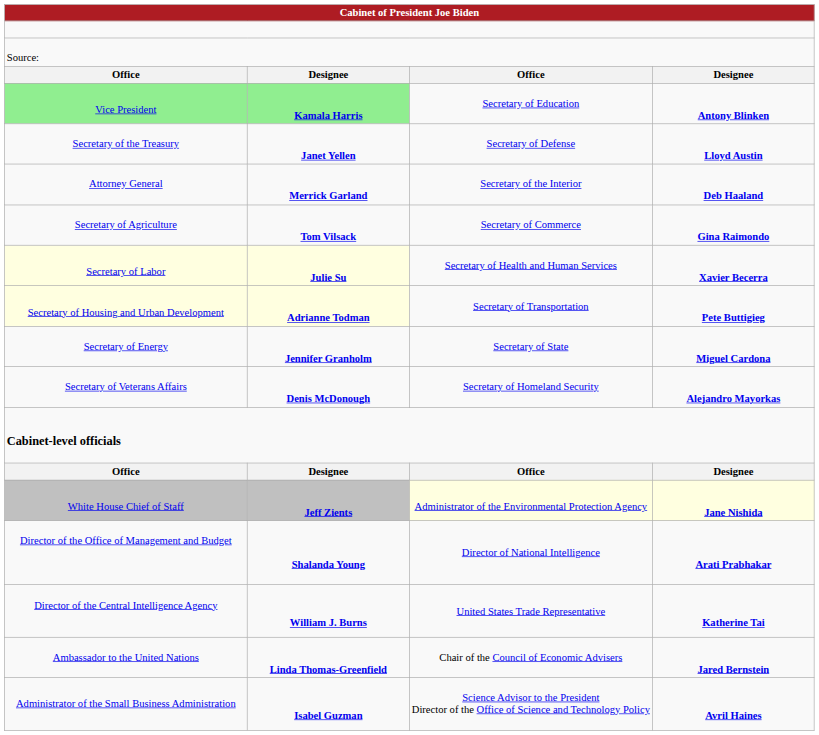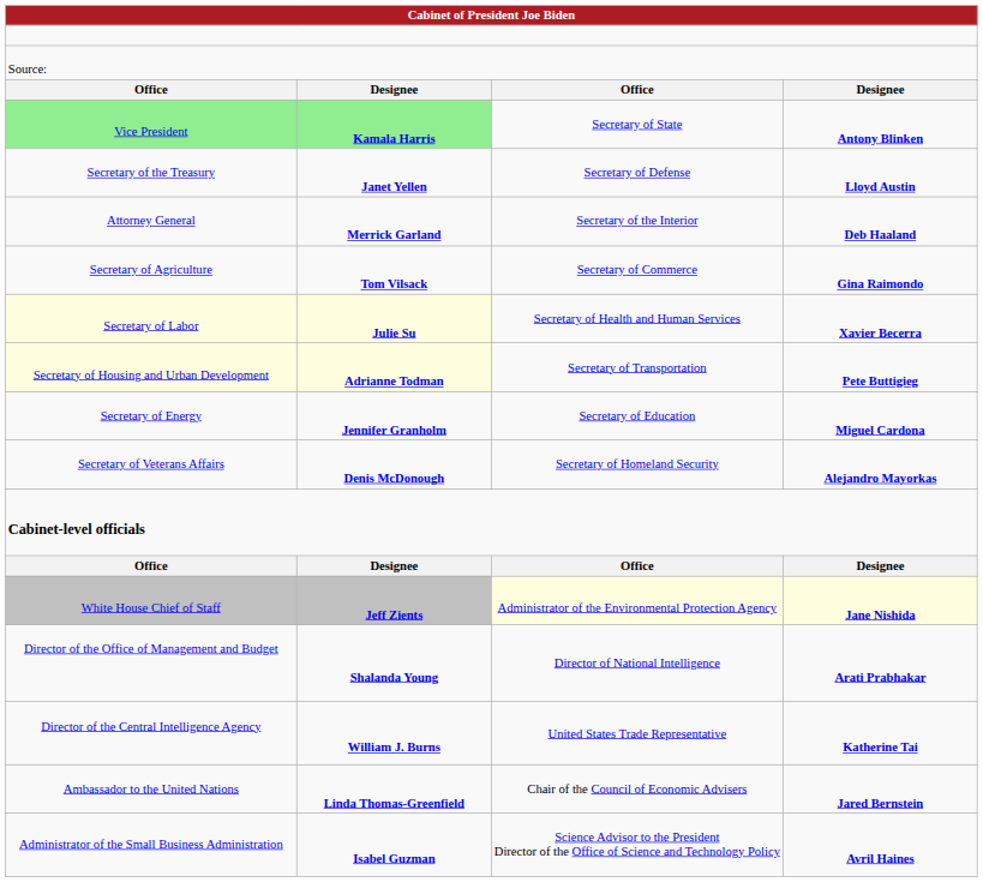 <table class="wikitable" style="text-align:center">
 <tr>
 <th colspan="5" style="text-align:center; font-size:100%; color:white; background:#AE1C23;"><strong>Cabinet of President Joe Biden</strong></th>
 </tr>
 <tr>
 <td colspan="5" style="text-align:left"><br>  </td>
 </tr>
 <tr>
 <td colspan=4 style="text-align:left"><br>Source:</td>
 </tr>
 <tr>
 <th scope="col" style="width: 30%;">Office<br></th>
 <th scope="col" style="width: 20%;">Designee</th>
 <th scope="col" style="width: 30%;">Office<br></th>
 <th scope="col" style="width: 20%;">Designee</th>
 </tr>
 <tr>
 <td style="background: #90EE90;"><br><a href='#'>Vice President</a><br></td>
 <td style="background: #90EE90;"><br><br><strong><a href='#'>Kamala Harris</a></strong><br></td>
-<td><br><a href='#'>Secretary of Education</a><br><br></td>
+<td><br><a href='#'>Secretary of State</a><br><br></td>
 <td><br><br><strong><a href='#'>Antony Blinken</a></strong><br></td>
 </tr>
 <tr>
 <td><br><a href='#'>Secretary of the Treasury</a><br><br></td>
 <td><br><br><strong><a href='#'>Janet Yellen</a></strong><br></td>
 <td><br><a href='#'>Secretary of Defense</a><br><br></td>
 <td><br><br><strong><a href='#'>Lloyd Austin</a></strong><br></td>
 </tr>
 <tr>
 <td><br><a href='#'>Attorney General</a><br><br></td>
 <td><br><br><strong><a href='#'>Merrick Garland</a></strong><br></td>
 <td><br><a href='#'>Secretary of the Interior</a><br><br></td>
 <td><br><br><strong><a href='#'>Deb Haaland</a></strong><br></td>
 </tr>
 <tr>
 <td><br><a href='#'>Secretary of Agriculture</a><br><br></td>
 <td><br><br><strong><a href='#'>Tom Vilsack</a></strong><br></td>
 <td><br><a href='#'>Secretary of Commerce</a><br><br></td>
 <td><br><br><strong><a href='#'>Gina Raimondo</a></strong><br></td>
 </tr>
 <tr>
 <td style="background: lightyellow;"><br><a href='#'>Secretary of Labor</a><br></td>
 <td style="background: lightyellow;"><br><br><strong><a href='#'>Julie Su</a></strong><br></td>
 <td><br><a href='#'>Secretary of Health and Human Services</a><br><br></td>
 <td><br><br><strong><a href='#'>Xavier Becerra</a></strong><br></td>
 </tr>
 <tr>
 <td style="background: lightyellow;"><br><a href='#'>Secretary of Housing and Urban Development</a><br></td>
 <td style="background: lightyellow;"><br><br><strong><a href='#'>Adrianne Todman</a></strong><br></td>
 <td><br><a href='#'>Secretary of Transportation</a><br><br></td>
 <td><br><br><strong><a href='#'>Pete Buttigieg</a></strong><br></td>
 </tr>
 <tr>
 <td><br><a href='#'>Secretary of Energy</a><br><br></td>
 <td><br><br><strong><a href='#'>Jennifer Granholm</a></strong><br></td>
-<td><br><a href='#'>Secretary of State</a><br><br></td>
+<td><br><a href='#'>Secretary of Education</a><br><br></td>
 <td><br><br><strong><a href='#'>Miguel Cardona</a></strong><br></td>
 </tr>
 <tr>
 <td><br><a href='#'>Secretary of Veterans Affairs</a><br><br></td>
 <td><br><br><strong><a href='#'>Denis McDonough</a></strong><br></td>
 <td><br><a href='#'>Secretary of Homeland Security</a><br><br></td>
 <td><br><br><strong><a href='#'>Alejandro Mayorkas</a></strong><br></td>
 </tr>
 <tr>
 <td colspan="4" style="text-align:left"><br><h3>Cabinet-level officials</h3></td>
 </tr>
 <tr>
 <th>Office<br></th>
 <th>Designee</th>
 <th>Office<br></th>
 <th>Designee</th>
 </tr>
 <tr>
 <td style="background:#C0C0C0;"><br><a href='#'>White House Chief of Staff</a><br></td>
 <td style="background:#C0C0C0;"><br><br><strong><a href='#'>Jeff Zients</a></strong><br></td>
 <td style="background: lightyellow;"><br><a href='#'>Administrator of the Environmental Protection Agency</a><br></td>
 <td style="background: lightyellow;"><br><br><strong><a href='#'>Jane Nishida</a></strong><br></td>
 </tr>
 <tr>
 <td><br><a href='#'>Director of the Office of Management and Budget</a><br><br><br><br></td>
 <td><br><br><strong><a href='#'>Shalanda Young</a></strong><br></td>
 <td><br><a href='#'>Director of National Intelligence</a><br><br></td>
 <td><br><br><strong><a href='#'>Arati Prabhakar</a></strong><br></td>
 </tr>
 <tr>
 <td><br><a href='#'>Director of the Central Intelligence Agency</a><br><br><br></td>
 <td><br><br><a href='#'><strong>William J. Burns</strong></a><br></td>
 <td><br><a href='#'>United States Trade Representative</a><br><br></td>
 <td><br><br><strong><a href='#'>Katherine Tai</a></strong><br></td>
 </tr>
 <tr>
 <td><br><a href='#'>Ambassador to the United Nations</a><br><br></td>
 <td><br><br><strong><a href='#'>Linda Thomas-Greenfield</a></strong><br></td>
 <td><br>Chair of the <a href='#'>Council of Economic Advisers</a><br><br></td>
 <td><br><br><strong><a href='#'>Jared Bernstein</a></strong><br></td>
 </tr>
 <tr>
 <td><br><a href='#'>Administrator of the Small Business Administration</a><br><br></td>
 <td><br><br><strong><a href='#'>Isabel Guzman</a></strong><br></td>
 <td><br><a href='#'>Science Advisor to the President</a><br>Director of the <a href='#'>Office of Science and Technology Policy</a><br><br></td>
 <td><br><br><strong><a href='#'>Avril Haines</a></strong><br></td>
 </tr>
 </table>
